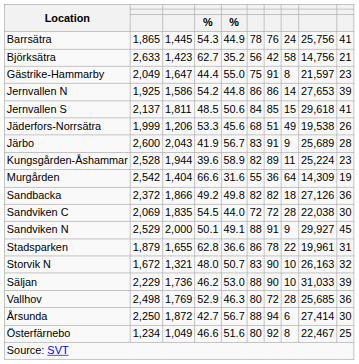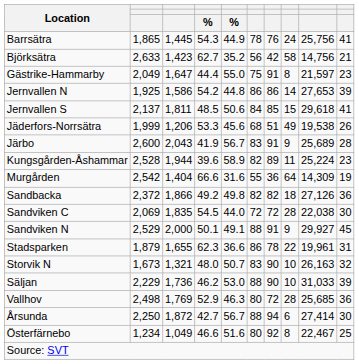 <table role="presentation" class="wikitable sortable mw-collapsible mw-collapsed">
 <tr>
 <th rowspan="3">Location</th>
 <th></th>
 <th></th>
 <th></th>
 <th></th>
 <th></th>
 <th></th>
 <th></th>
 <th></th>
 <th></th>
 </tr>
 <tr>
 <th></th>
 <th></th>
 <th style="background:"></th>
 <th style="background:"></th>
 <th></th>
 <th></th>
 <th></th>
 <th></th>
 <th></th>
 </tr>
 <tr>
 <th data-sort-type="number"></th>
 <th data-sort-type="number"></th>
 <th data-sort-type="number">%</th>
 <th data-sort-type="number">%</th>
 <th data-sort-type="number"></th>
 <th data-sort-type="number"></th>
 <th data-sort-type="number"></th>
 <th data-sort-type="number"></th>
 <th data-sort-type="number"></th>
 </tr>
 <tr>
 <td align="left">Barrsätra</td>
 <td>1,865</td>
 <td>1,445</td>
 <td>54.3</td>
 <td>44.9</td>
 <td>78</td>
 <td>76</td>
 <td>24</td>
 <td>25,756</td>
 <td>41</td>
 </tr>
 <tr>
 <td align="left">Björksätra</td>
 <td>2,633</td>
 <td>1,423</td>
 <td>62.7</td>
 <td>35.2</td>
 <td>56</td>
 <td>42</td>
 <td>58</td>
 <td>14,756</td>
 <td>21</td>
 </tr>
 <tr>
 <td align="left">Gästrike-Hammarby</td>
 <td>2,049</td>
 <td>1,647</td>
 <td>44.4</td>
 <td>55.0</td>
 <td>75</td>
 <td>91</td>
 <td>8</td>
 <td>21,597</td>
 <td>23</td>
 </tr>
 <tr>
 <td align="left">Jernvallen N</td>
 <td>1,925</td>
 <td>1,586</td>
 <td>54.2</td>
 <td>44.8</td>
 <td>86</td>
 <td>86</td>
 <td>14</td>
 <td>27,653</td>
 <td>39</td>
 </tr>
 <tr>
 <td align="left">Jernvallen S</td>
 <td>2,137</td>
 <td>1,811</td>
 <td>48.5</td>
 <td>50.6</td>
 <td>84</td>
 <td>85</td>
 <td>15</td>
 <td>29,618</td>
 <td>41</td>
 </tr>
 <tr>
 <td align="left">Jäderfors-Norrsätra</td>
 <td>1,999</td>
 <td>1,206</td>
 <td>53.3</td>
 <td>45.6</td>
 <td>68</td>
 <td>51</td>
 <td>49</td>
 <td>19,538</td>
 <td>26</td>
 </tr>
 <tr>
 <td align="left">Järbo</td>
 <td>2,600</td>
 <td>2,043</td>
 <td>41.9</td>
 <td>56.7</td>
 <td>83</td>
 <td>91</td>
 <td>9</td>
 <td>25,689</td>
 <td>28</td>
 </tr>
 <tr>
 <td align="left">Kungsgården-Åshammar</td>
 <td>2,528</td>
 <td>1,944</td>
 <td>39.6</td>
 <td>58.9</td>
 <td>82</td>
 <td>89</td>
 <td>11</td>
 <td>25,224</td>
 <td>23</td>
 </tr>
 <tr>
 <td align="left">Murgården</td>
 <td>2,542</td>
 <td>1,404</td>
 <td>66.6</td>
 <td>31.6</td>
 <td>55</td>
 <td>36</td>
 <td>64</td>
 <td>14,309</td>
 <td>19</td>
 </tr>
 <tr>
 <td align="left">Sandbacka</td>
 <td>2,372</td>
 <td>1,866</td>
 <td>49.2</td>
 <td>49.8</td>
 <td>82</td>
 <td>82</td>
 <td>18</td>
 <td>27,126</td>
 <td>36</td>
 </tr>
 <tr>
 <td align="left">Sandviken C</td>
 <td>2,069</td>
 <td>1,835</td>
 <td>54.5</td>
 <td>44.0</td>
 <td>72</td>
 <td>72</td>
 <td>28</td>
 <td>22,038</td>
 <td>30</td>
 </tr>
 <tr>
 <td align="left">Sandviken N</td>
 <td>2,529</td>
 <td>2,000</td>
 <td>50.1</td>
 <td>49.1</td>
 <td>88</td>
 <td>91</td>
 <td>9</td>
 <td>29,927</td>
 <td>45</td>
 </tr>
 <tr>
 <td align="left">Stadsparken</td>
 <td>1,879</td>
 <td>1,655</td>
-<td>62.8</td>
+<td>62.3</td>
 <td>36.6</td>
 <td>86</td>
 <td>78</td>
 <td>22</td>
 <td>19,961</td>
 <td>31</td>
 </tr>
 <tr>
 <td align="left">Storvik N</td>
-<td>1,672</td>
+<td>1,673</td>
 <td>1,321</td>
 <td>48.0</td>
 <td>50.7</td>
 <td>83</td>
 <td>90</td>
 <td>10</td>
 <td>26,163</td>
 <td>32</td>
 </tr>
 <tr>
 <td align="left">Säljan</td>
 <td>2,229</td>
 <td>1,736</td>
 <td>46.2</td>
 <td>53.0</td>
 <td>88</td>
 <td>90</td>
 <td>10</td>
 <td>31,033</td>
 <td>39</td>
 </tr>
 <tr>
 <td align="left">Vallhov</td>
 <td>2,498</td>
 <td>1,769</td>
 <td>52.9</td>
 <td>46.3</td>
 <td>80</td>
 <td>72</td>
 <td>28</td>
 <td>25,685</td>
 <td>36</td>
 </tr>
 <tr>
 <td align="left">Årsunda</td>
 <td>2,250</td>
 <td>1,872</td>
 <td>42.7</td>
 <td>56.7</td>
 <td>88</td>
 <td>94</td>
 <td>6</td>
 <td>27,414</td>
 <td>30</td>
 </tr>
 <tr>
 <td align="left">Österfärnebo</td>
 <td>1,234</td>
 <td>1,049</td>
 <td>46.6</td>
 <td>51.6</td>
 <td>80</td>
 <td>92</td>
 <td>8</td>
 <td>22,467</td>
 <td>25</td>
 </tr>
 <tr>
 <td colspan="10" align="left">Source: <a href='#'>SVT</a></td>
 </tr>
 </table>
